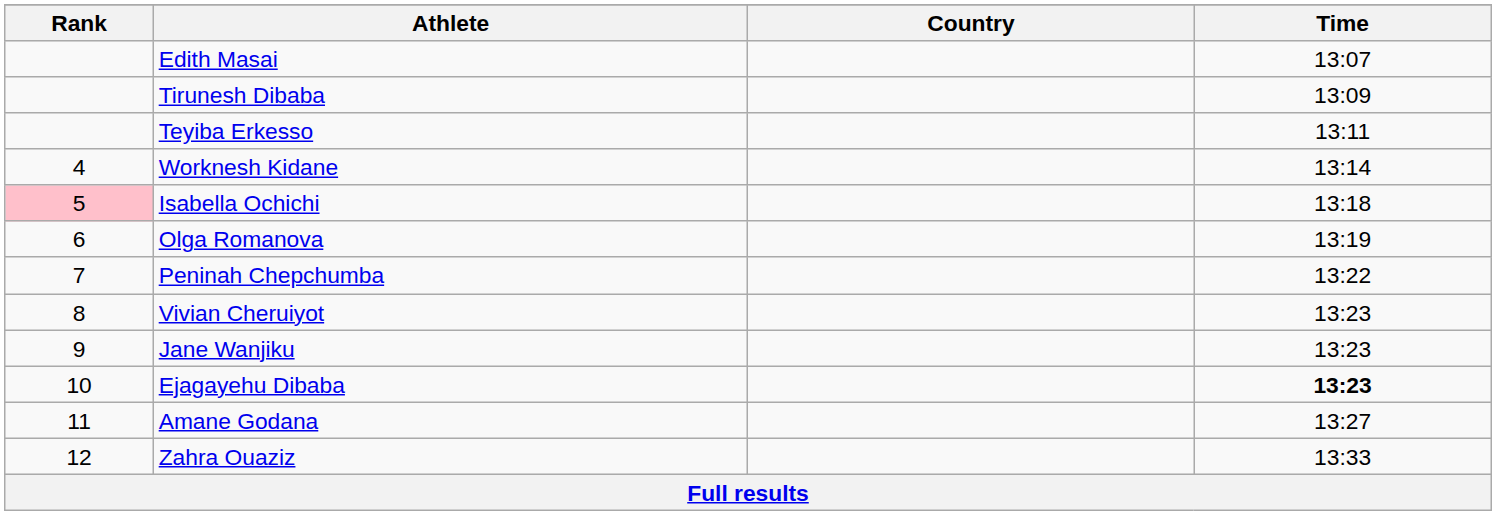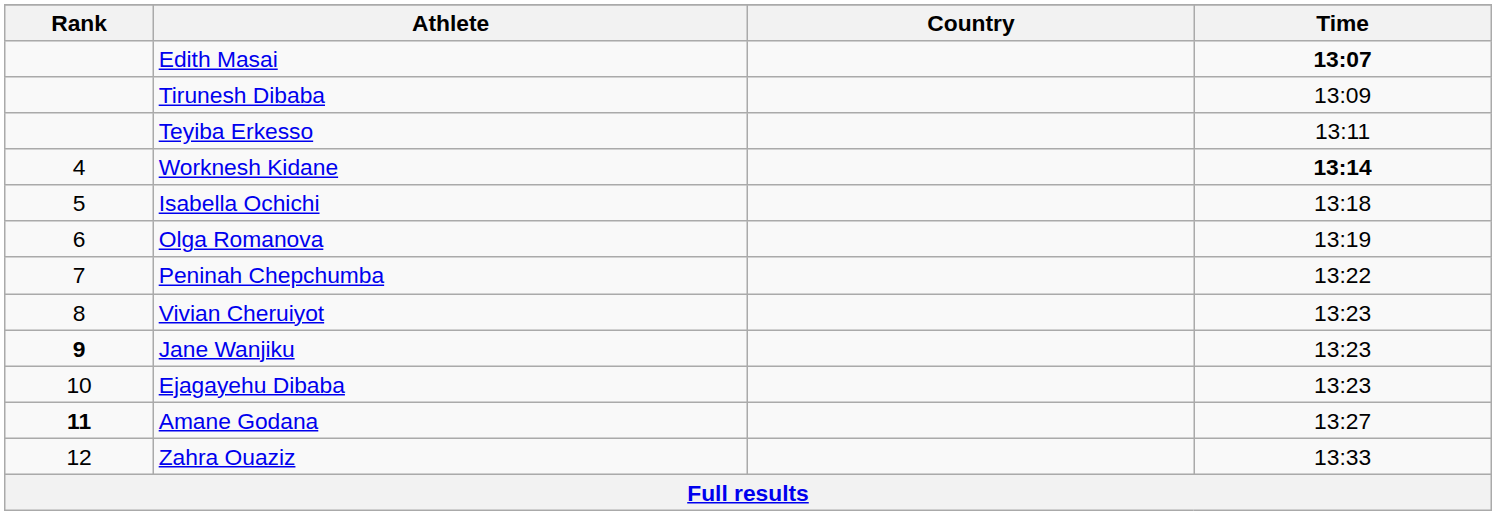 <table class="wikitable sortable" style=" text-align:center; font-size:95%;" width="50%">
 <tr>
 </tr>
 <tr>
 <th width=5%>Rank</th>
 <th width=20%>Athlete</th>
 <th width=15%>Country</th>
 <th width=10%>Time</th>
 </tr>
 <tr>
 <td align=center></td>
 <td align=left><a href='#'>Edith Masai</a></td>
 <td align=left></td>
-<td>13:07</td>
+<td><strong>13:07</strong></td>
 </tr>
 <tr>
 <td align=center></td>
 <td align=left><a href='#'>Tirunesh Dibaba</a></td>
 <td align=left></td>
 <td>13:09</td>
 </tr>
 <tr>
 <td align=center></td>
 <td align=left><a href='#'>Teyiba Erkesso</a></td>
 <td align=left></td>
 <td>13:11</td>
 </tr>
 <tr>
 <td align=center>4</td>
 <td align=left><a href='#'>Worknesh Kidane</a></td>
 <td align=left></td>
-<td>13:14</td>
+<td><strong>13:14</strong></td>
 </tr>
 <tr>
-<td align=center style="background: pink;">5</td>
+<td align=center>5</td>
 <td align=left><a href='#'>Isabella Ochichi</a></td>
 <td align=left></td>
 <td>13:18</td>
 </tr>
 <tr>
 <td align=center>6</td>
 <td align=left><a href='#'>Olga Romanova</a></td>
 <td align=left></td>
 <td>13:19</td>
 </tr>
 <tr>
 <td align=center>7</td>
 <td align=left><a href='#'>Peninah Chepchumba</a></td>
 <td align=left></td>
 <td>13:22</td>
 </tr>
 <tr>
 <td align=center>8</td>
 <td align=left><a href='#'>Vivian Cheruiyot</a></td>
 <td align=left></td>
 <td>13:23</td>
 </tr>
 <tr>
-<td align=center>9</td>
+<td align=center><strong>9</strong></td>
 <td align=left><a href='#'>Jane Wanjiku</a></td>
 <td align=left></td>
 <td>13:23</td>
 </tr>
 <tr>
 <td align=center>10</td>
 <td align=left><a href='#'>Ejagayehu Dibaba</a></td>
 <td align=left></td>
-<td><strong>13:23</strong></td>
+<td>13:23</td>
 </tr>
 <tr>
-<td align=center>11</td>
+<td align=center><strong>11</strong></td>
 <td align=left><a href='#'>Amane Godana</a></td>
 <td align=left></td>
 <td>13:27</td>
 </tr>
 <tr>
 <td align=center>12</td>
 <td align=left><a href='#'>Zahra Ouaziz</a></td>
 <td align=left></td>
 <td>13:33</td>
 </tr>
 <tr class="sortbottom">
 <th colspan=4 align=center><a href='#'>Full results</a></th>
 </tr>
 </table>
